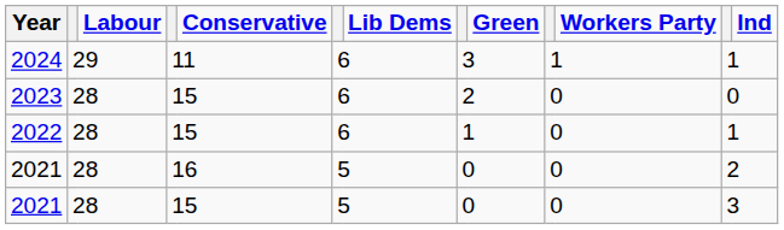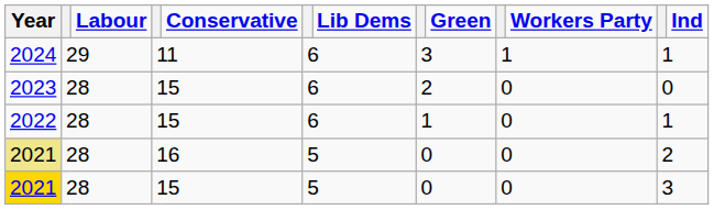 <table class="wikitable">
 <tr>
 <th>Year</th>
 <th style="background-color: "></th>
 <td><strong><a href='#'>Labour</a></strong></td>
 <th style="background-color: "></th>
 <td><strong><a href='#'>Conservative</a></strong></td>
 <th style="background-color: "></th>
 <td><strong><a href='#'>Lib Dems</a></strong></td>
 <th style="background-color: "></th>
 <td><strong><a href='#'>Green</a></strong></td>
 <th style="background-color: "></th>
 <td><strong><a href='#'>Workers Party</a></strong></td>
 <th style="background-color: "></th>
 <td><strong><a href='#'>Ind</a></strong></td>
 </tr>
 <tr>
 <td><a href='#'>2024</a></td>
 <td colspan="2">29</td>
 <td colspan="2">11</td>
 <td colspan="2">6</td>
 <td colspan="2">3</td>
 <td colspan="2">1</td>
 <td colspan="2">1</td>
 </tr>
 <tr>
 <td><a href='#'>2023</a></td>
 <td colspan="2">28</td>
 <td colspan="2">15</td>
 <td colspan="2">6</td>
 <td colspan="2">2</td>
 <td colspan="2">0</td>
 <td colspan="2">0</td>
 </tr>
 <tr>
 <td><a href='#'>2022</a></td>
 <td colspan="2">28</td>
 <td colspan="2">15</td>
 <td colspan="2">6</td>
 <td colspan="2">1</td>
 <td colspan="2">0</td>
 <td colspan="2">1</td>
 </tr>
 <tr>
-<td>2021</td>
+<td style="background: khaki;">2021</td>
 <td colspan="2">28</td>
 <td colspan="2">16</td>
 <td colspan="2">5</td>
 <td colspan="2">0</td>
 <td colspan="2">0</td>
 <td colspan="2">2</td>
 </tr>
 <tr>
-<td><a href='#'>2021</a></td>
+<td style="background: gold;"><a href='#'>2021</a></td>
 <td colspan="2">28</td>
 <td colspan="2">15</td>
 <td colspan="2">5</td>
 <td colspan="2">0</td>
 <td colspan="2">0</td>
 <td colspan="2">3</td>
 </tr>
 </table>
